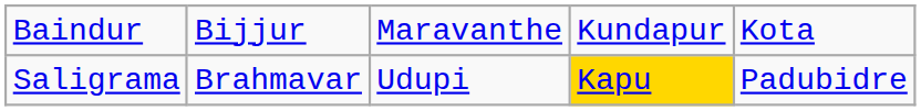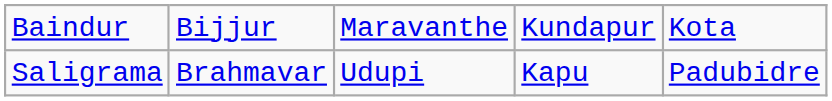 <table class="wikitable">
 <tr>
 <td><a href='#'>Baindur</a></td>
 <td><a href='#'>Bijjur</a></td>
 <td><a href='#'>Maravanthe</a></td>
 <td><a href='#'>Kundapur</a></td>
 <td><a href='#'>Kota</a></td>
 </tr>
 <tr>
 <td><a href='#'>Saligrama</a></td>
 <td><a href='#'>Brahmavar</a></td>
 <td><a href='#'>Udupi</a></td>
-<td style="background: gold;"><a href='#'>Kapu</a></td>
+<td><a href='#'>Kapu</a></td>
 <td><a href='#'>Padubidre</a></td>
 </tr>
 </table>
